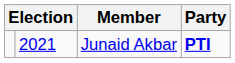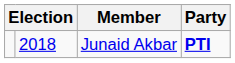 <table class="wikitable">
 <tr>
 <th colspan="2">Election</th>
 <th>Member</th>
 <th>Party</th>
 </tr>
 <tr>
 <td style="background-color: "></td>
-<td><a href='#'>2021</a></td>
+<td><a href='#'>2018</a></td>
 <td><a href='#'>Junaid Akbar</a></td>
 <td><strong><a href='#'>PTI</a></strong></td>
 </tr>
 </table>
